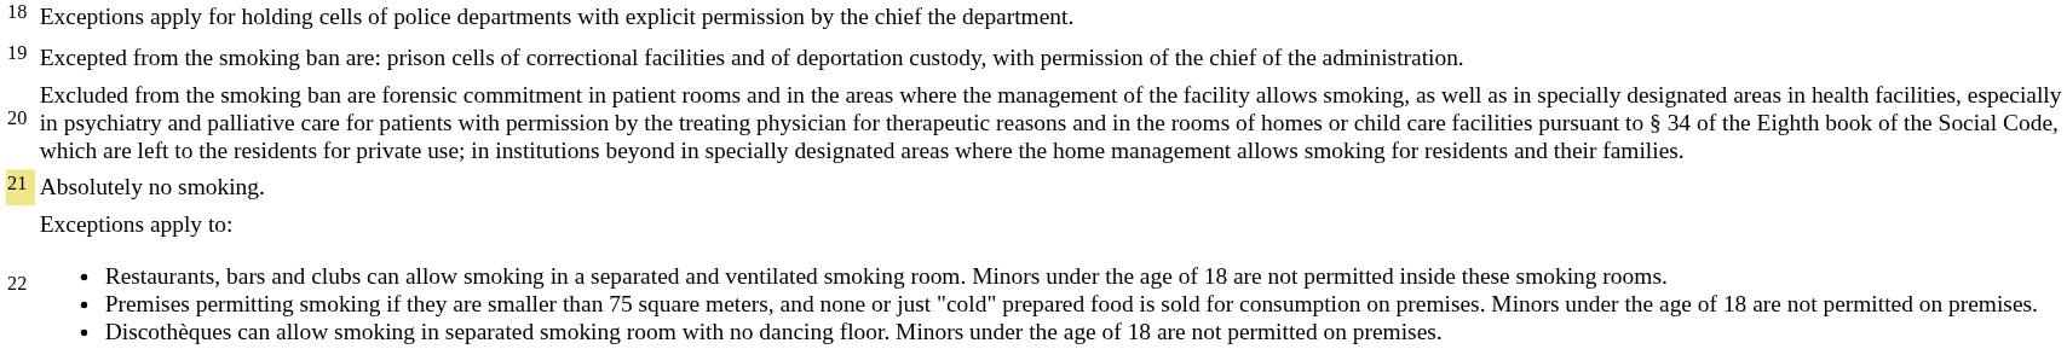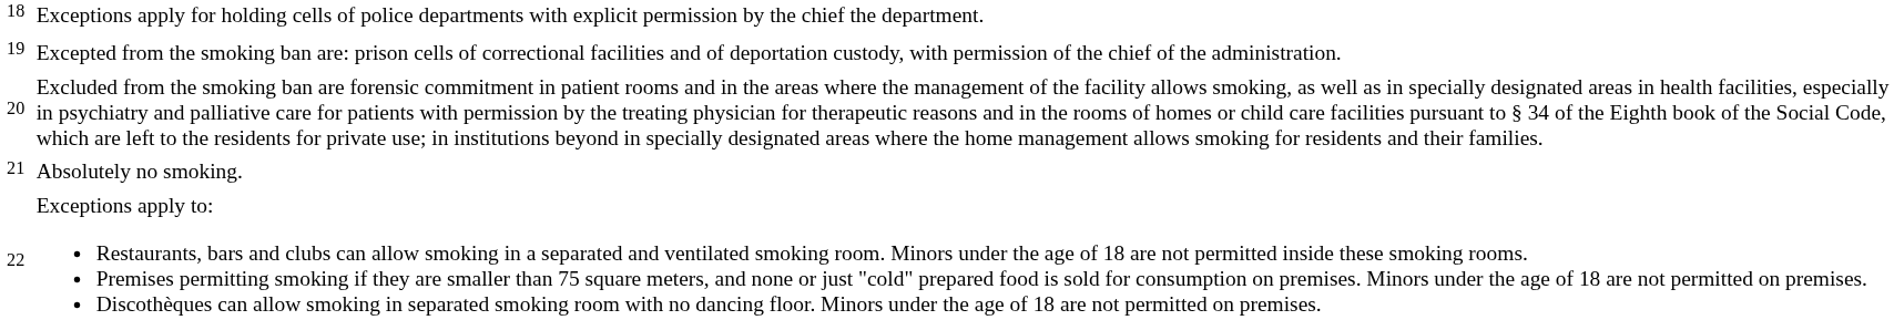 <table class="toptextcells" style="font-size: 90%;">
 <tr>
 <td style="text-align: right; padding-right: 0.33em"><sup>18</sup></td>
 <td>Exceptions apply for holding cells of police departments with explicit permission by the chief the department.</td>
 </tr>
 <tr>
 <td style="text-align: right; padding-right: 0.33em"><sup>19</sup></td>
 <td>Excepted from the smoking ban are: prison cells of correctional facilities and of deportation custody, with permission of the chief of the administration.</td>
 </tr>
 <tr>
 <td style="text-align: right; padding-right: 0.33em"><sup>20</sup></td>
 <td>Excluded from the smoking ban are forensic commitment in patient rooms and in the areas where the management of the facility allows smoking, as well as in specially designated areas in health facilities, especially in psychiatry and palliative care for patients with permission by the treating physician for therapeutic reasons and in the rooms of homes or child care facilities pursuant to § 34 of the Eighth book of the Social Code, which are left to the residents for private use; in institutions beyond in specially designated areas where the home management allows smoking for residents and their families.</td>
 </tr>
 <tr>
-<td style="background: khaki; text-align: right; padding-right: 0.33em"><sup>21</sup></td>
+<td style="text-align: right; padding-right: 0.33em"><sup>21</sup></td>
 <td>Absolutely no smoking.</td>
 </tr>
 <tr>
 <td style="text-align: right; padding-right: 0.33em"><sup>22</sup></td>
 <td>Exceptions apply to:<br><ul><li>Restaurants, bars and clubs can allow smoking in a separated and ventilated smoking room. Minors under the age of 18 are not permitted inside these smoking rooms.</li><li>Premises permitting smoking if they are smaller than 75 square meters, and none or just "cold" prepared food is sold for consumption on premises. Minors under the age of 18 are not permitted on premises.</li><li>Discothèques can allow smoking in separated smoking room with no dancing floor. Minors under the age of 18 are not permitted on premises.</li></ul></td>
 </tr>
 </table>
